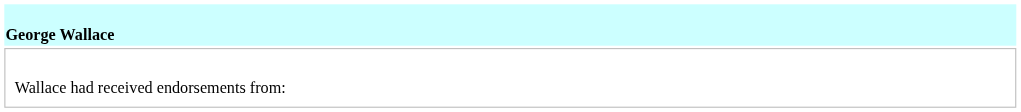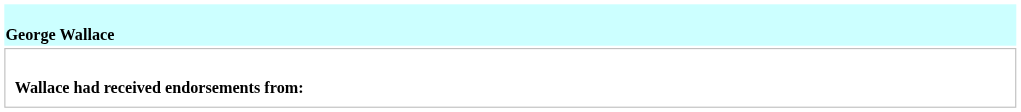 <table class="collapsible collapsed" style="width:100%;font-size:88%;text-align:left; border:0; margin-top:0.2em;">
 <tr>
 <th style="background:#cff; font-weight:normal;"><br><strong>George Wallace</strong></th>
 </tr>
 <tr>
-<td style="border:solid 1px silver; padding:8px; background:white;"><br>Wallace had received endorsements from:</td>
+<td style="border:solid 1px silver; padding:8px; background:white;"><strong><br>Wallace had received endorsements from:</strong></td>
 </tr>
 <tr>
 <td style="text-align:center;"></td>
 </tr>
 </table>
